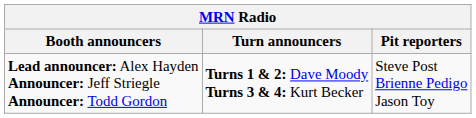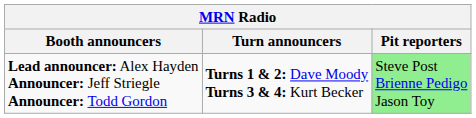 <table class="wikitable" style="font-size: 95%">
 <tr>
 <th colspan="3"><a href='#'>MRN</a> Radio</th>
 </tr>
 <tr>
 <th>Booth announcers</th>
 <th>Turn announcers</th>
 <th>Pit reporters</th>
 </tr>
 <tr>
 <td><strong>Lead announcer:</strong> Alex Hayden<br><strong>Announcer:</strong> Jeff Striegle<br><strong>Announcer:</strong> <a href='#'>Todd Gordon</a></td>
 <td><strong>Turns 1 & 2:</strong> <a href='#'>Dave Moody</a><br><strong>Turns 3 & 4:</strong> Kurt Becker</td>
-<td>Steve Post<br><a href='#'>Brienne Pedigo</a><br>Jason Toy</td>
+<td style="background: lightgreen;">Steve Post<br><a href='#'>Brienne Pedigo</a><br>Jason Toy</td>
 </tr>
 </table>
